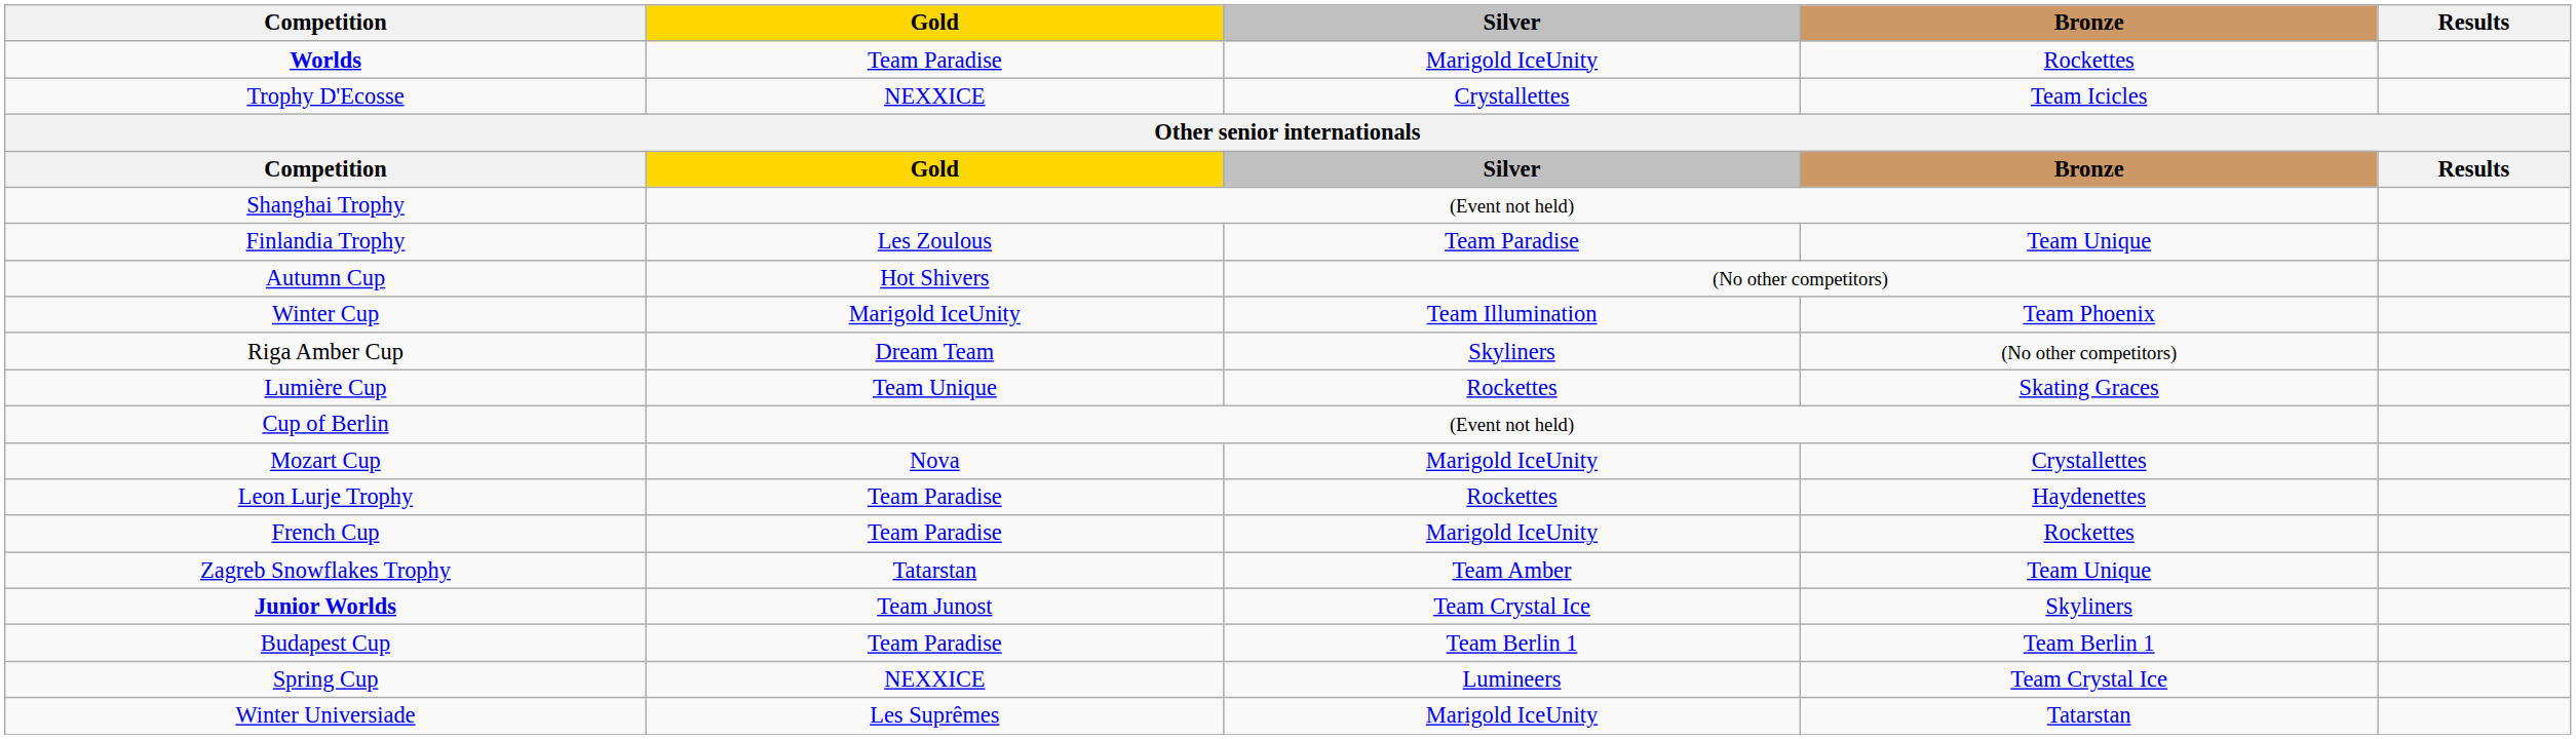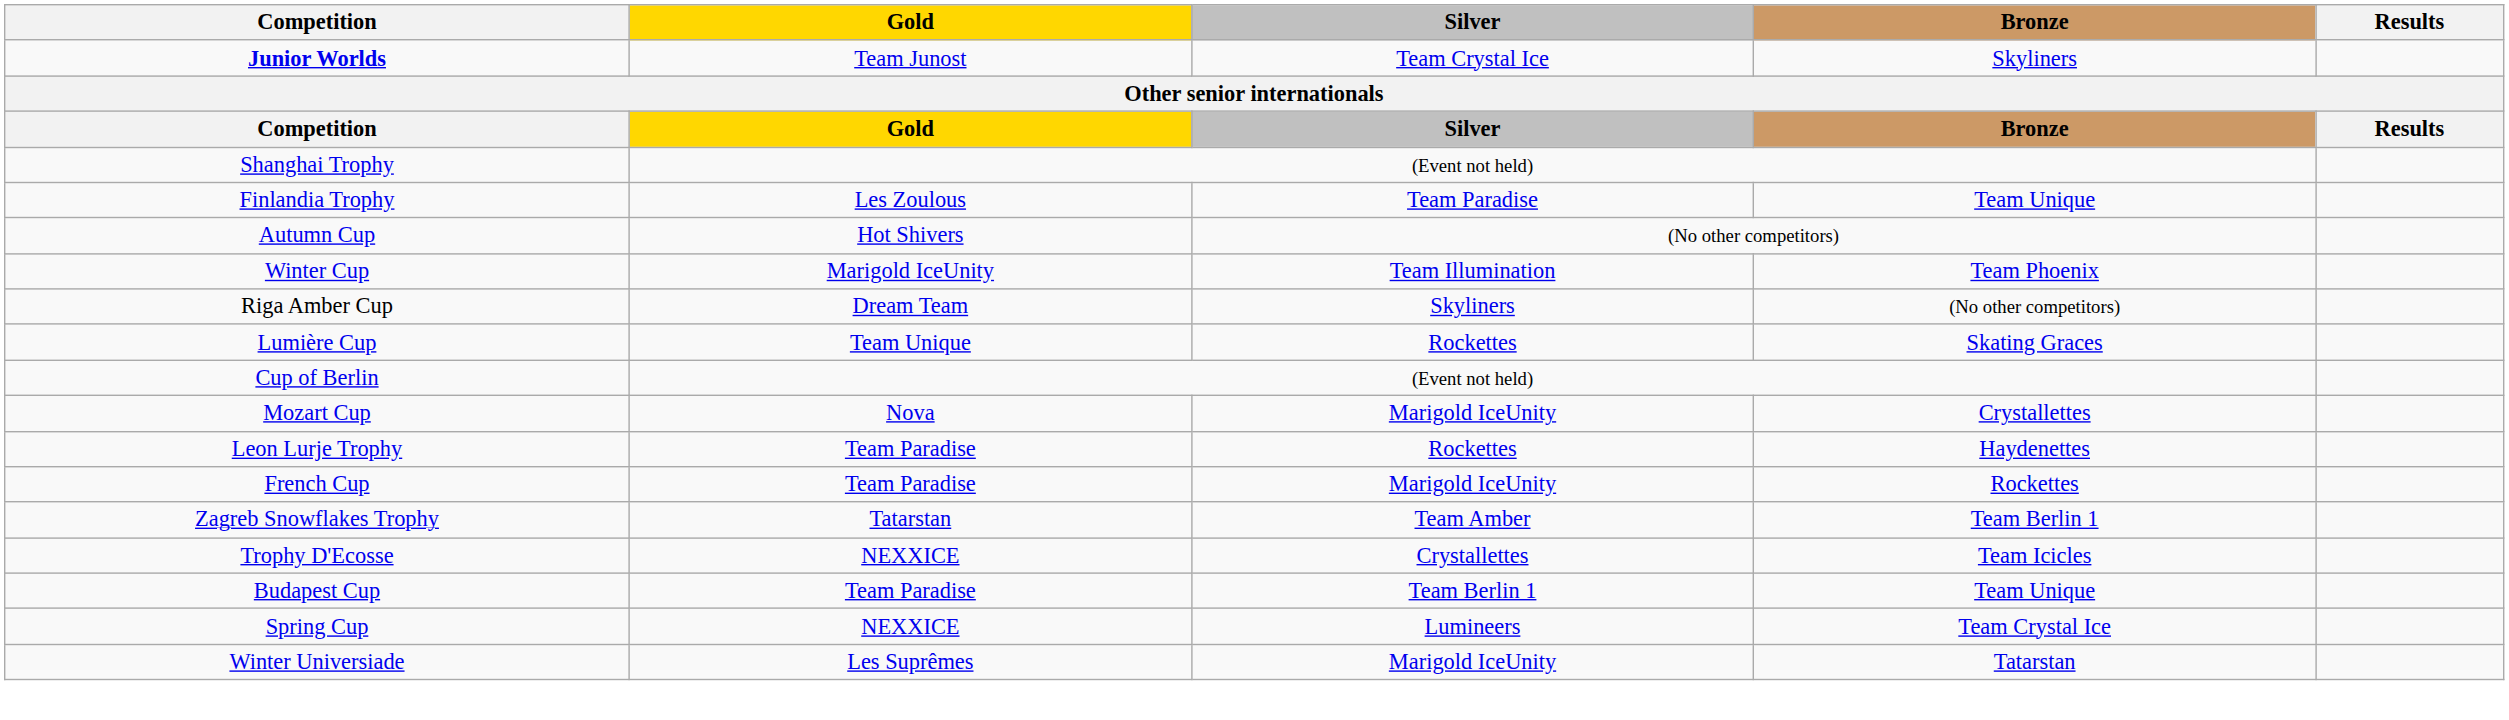 <table class="wikitable" style="text-align:center; width:90%;">
 <tr>
 <th scope="col" style="text-align:center; width:25%;">Competition</th>
 <td scope="col" style="text-align:center; width:22.5%; background:gold"><strong>Gold</strong></td>
 <td scope="col" style="text-align:center; width:22.5%; background:silver"><strong>Silver</strong></td>
 <td scope="col" style="text-align:center; width:22.5%; background:#c96"><strong>Bronze</strong></td>
 <th scope="col" style="text-align:center; width:7.5%;">Results</th>
 </tr>
 <tr>
-<td align="center"><strong><a href='#'>Worlds</a></strong></td>
-<td><a href='#'>Team Paradise</a></td>
-<td><a href='#'>Marigold IceUnity</a></td>
-<td><a href='#'>Rockettes</a></td>
+<td align="center"><a href='#'><strong>Junior Worlds</strong></a></td>
+<td><a href='#'>Team Junost</a></td>
+<td><a href='#'>Team Crystal Ice</a></td>
+<td><a href='#'>Skyliners</a></td>
 <td align="center"></td>
-</tr>
-<tr>
-<td><a href='#'>Trophy D'Ecosse</a></td>
-<td><a href='#'>NEXXICE</a></td>
-<td><a href='#'>Crystallettes</a></td>
-<td><a href='#'>Team Icicles</a></td>
-<td></td>
 </tr>
 <tr>
 <th colspan="5">Other senior internationals</th>
 </tr>
 <tr>
 <th scope="col" style="text-align:center; width:25%;">Competition</th>
 <td scope="col" style="text-align:center; width:22.5%; background:gold"><strong>Gold</strong></td>
 <td scope="col" style="text-align:center; width:22.5%; background:silver"><strong>Silver</strong></td>
 <td scope="col" style="text-align:center; width:22.5%; background:#c96"><strong>Bronze</strong></td>
 <th scope="col" style="text-align:center; width:7.5%;">Results</th>
 </tr>
 <tr>
 <td><a href='#'>Shanghai Trophy</a></td>
 <td colspan="3"><small>(Event not held)</small></td>
 <td></td>
 </tr>
 <tr>
 <td align="center"><a href='#'>Finlandia Trophy</a></td>
 <td><a href='#'>Les Zoulous</a></td>
 <td><a href='#'>Team Paradise</a></td>
 <td><a href='#'>Team Unique</a></td>
 <td align="center"></td>
 </tr>
 <tr>
 <td align="center"><a href='#'>Autumn Cup</a></td>
 <td><a href='#'>Hot Shivers</a></td>
 <td colspan="2"><small>(No other competitors)</small></td>
 <td align="center"></td>
 </tr>
 <tr>
 <td><a href='#'>Winter Cup</a></td>
 <td><a href='#'>Marigold IceUnity</a></td>
 <td><a href='#'>Team Illumination</a></td>
 <td><a href='#'>Team Phoenix</a></td>
 <td></td>
 </tr>
 <tr>
 <td>Riga Amber Cup</td>
 <td><a href='#'>Dream Team</a></td>
 <td><a href='#'>Skyliners</a></td>
 <td><small>(No other competitors)</small></td>
 <td></td>
 </tr>
 <tr>
 <td><a href='#'>Lumière Cup</a></td>
 <td><a href='#'>Team Unique</a></td>
 <td><a href='#'>Rockettes</a></td>
 <td><a href='#'>Skating Graces</a></td>
 <td></td>
 </tr>
 <tr>
 <td><a href='#'>Cup of Berlin</a></td>
 <td colspan="3"><small>(Event not held)</small></td>
 <td></td>
 </tr>
 <tr>
 <td><a href='#'>Mozart Cup</a></td>
 <td><a href='#'>Nova</a></td>
 <td><a href='#'>Marigold IceUnity</a></td>
 <td><a href='#'>Crystallettes</a></td>
 <td></td>
 </tr>
 <tr>
 <td><a href='#'>Leon Lurje Trophy</a></td>
 <td><a href='#'>Team Paradise</a></td>
 <td><a href='#'>Rockettes</a></td>
 <td><a href='#'>Haydenettes</a></td>
 <td></td>
 </tr>
 <tr>
 <td><a href='#'>French Cup</a></td>
 <td><a href='#'>Team Paradise</a></td>
 <td><a href='#'>Marigold IceUnity</a></td>
 <td><a href='#'>Rockettes</a></td>
 <td></td>
 </tr>
 <tr>
 <td><a href='#'>Zagreb Snowflakes Trophy</a></td>
 <td><a href='#'>Tatarstan</a></td>
 <td><a href='#'>Team Amber</a></td>
-<td><a href='#'>Team Unique</a></td>
+<td><a href='#'>Team Berlin 1</a></td>
 <td></td>
 </tr>
 <tr>
-<td align="center"><a href='#'><strong>Junior Worlds</strong></a></td>
-<td><a href='#'>Team Junost</a></td>
-<td><a href='#'>Team Crystal Ice</a></td>
-<td><a href='#'>Skyliners</a></td>
-<td align="center"></td>
+<td><a href='#'>Trophy D'Ecosse</a></td>
+<td><a href='#'>NEXXICE</a></td>
+<td><a href='#'>Crystallettes</a></td>
+<td><a href='#'>Team Icicles</a></td>
+<td></td>
 </tr>
 <tr>
 <td><a href='#'>Budapest Cup</a></td>
 <td><a href='#'>Team Paradise</a></td>
 <td><a href='#'>Team Berlin 1</a></td>
-<td><a href='#'>Team Berlin 1</a></td>
+<td><a href='#'>Team Unique</a></td>
 <td></td>
 </tr>
 <tr>
 <td><a href='#'>Spring Cup</a></td>
 <td><a href='#'>NEXXICE</a></td>
 <td><a href='#'>Lumineers</a></td>
 <td><a href='#'>Team Crystal Ice</a></td>
 <td></td>
 </tr>
 <tr>
 <td><a href='#'>Winter Universiade</a></td>
 <td><a href='#'>Les Suprêmes</a></td>
 <td><a href='#'>Marigold IceUnity</a></td>
 <td><a href='#'>Tatarstan</a></td>
 <td></td>
 </tr>
 </table>
